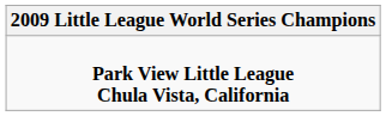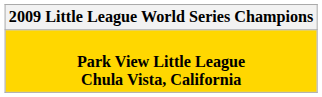 <table class="wikitable" style="text-align: center; margin: 0 auto;">
 <tr>
 <th>2009 Little League World Series Champions</th>
 </tr>
 <tr>
-<td> <br><strong>Park View Little League</strong><br><strong>Chula Vista, California</strong></td>
+<td style="background: gold;"> <br><strong>Park View Little League</strong><br><strong>Chula Vista, California</strong></td>
 </tr>
 </table>
